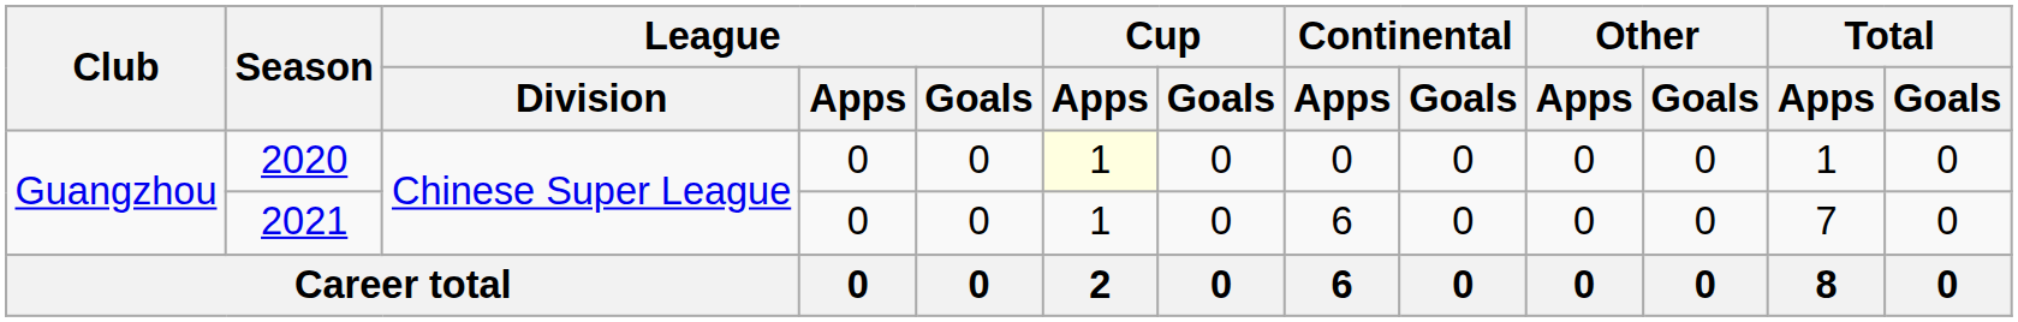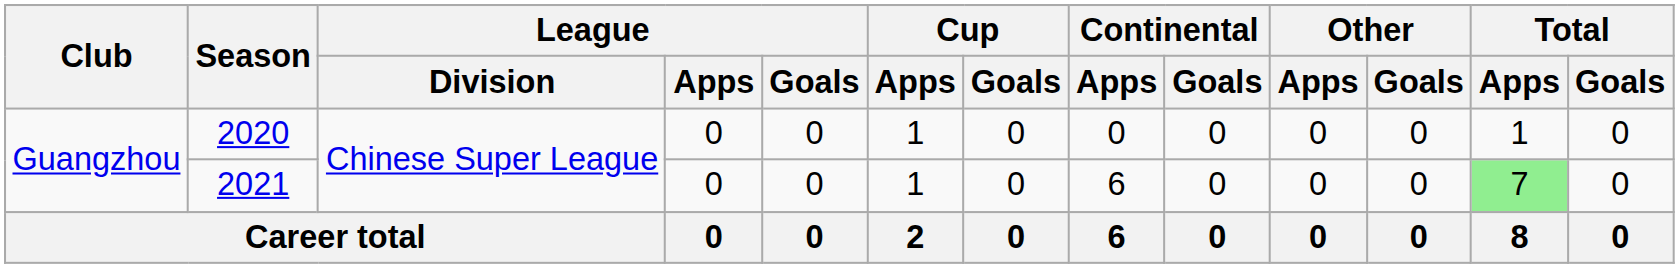 <table class="wikitable" style="text-align: center">
 <tr>
 <th rowspan="2">Club</th>
 <th rowspan="2">Season</th>
 <th colspan="3">League</th>
 <th colspan="2">Cup</th>
 <th colspan="2">Continental</th>
 <th colspan="2">Other</th>
 <th colspan="2">Total</th>
 </tr>
 <tr>
 <th>Division</th>
 <th>Apps</th>
 <th>Goals</th>
 <th>Apps</th>
 <th>Goals</th>
 <th>Apps</th>
 <th>Goals</th>
 <th>Apps</th>
 <th>Goals</th>
 <th>Apps</th>
 <th>Goals</th>
 </tr>
 <tr>
 <td rowspan="2"><a href='#'>Guangzhou</a></td>
 <td><a href='#'>2020</a></td>
 <td rowspan="2"><a href='#'>Chinese Super League</a></td>
 <td>0</td>
 <td>0</td>
-<td style="background: lightyellow;">1</td>
+<td>1</td>
 <td>0</td>
 <td>0</td>
 <td>0</td>
 <td>0</td>
 <td>0</td>
 <td>1</td>
 <td>0</td>
 </tr>
 <tr>
 <td><a href='#'>2021</a></td>
 <td>0</td>
 <td>0</td>
 <td>1</td>
 <td>0</td>
 <td>6</td>
 <td>0</td>
 <td>0</td>
 <td>0</td>
-<td>7</td>
+<td style="background: lightgreen;">7</td>
 <td>0</td>
 </tr>
 <tr>
 <th colspan=3>Career total</th>
 <th>0</th>
 <th>0</th>
 <th>2</th>
 <th>0</th>
 <th>6</th>
 <th>0</th>
 <th>0</th>
 <th>0</th>
 <th>8</th>
 <th>0</th>
 </tr>
 </table>
